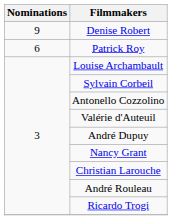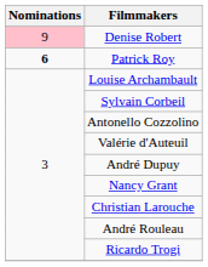 <table class="wikitable" style="text-align:center;">
 <tr>
 <th scope="col" width="17">Nominations</th>
 <th scope="col" align="center">Filmmakers</th>
 </tr>
 <tr>
-<td rowspan="1" style="text-align:center;">9</td>
+<td rowspan="1" style="background: pink; text-align:center;">9</td>
 <td><a href='#'>Denise Robert</a></td>
 </tr>
 <tr>
-<td rowspan="1" style="text-align:center;">6</td>
+<td rowspan="1" style="text-align:center;"><strong>6</strong></td>
 <td><a href='#'>Patrick Roy</a></td>
 </tr>
 <tr>
 <td rowspan="9" style="text-align:center;">3</td>
 <td><a href='#'>Louise Archambault</a></td>
 </tr>
 <tr>
 <td><a href='#'>Sylvain Corbeil</a></td>
 </tr>
 <tr>
 <td>Antonello Cozzolino</td>
 </tr>
 <tr>
 <td>Valérie d'Auteuil</td>
 </tr>
 <tr>
 <td>André Dupuy</td>
 </tr>
 <tr>
 <td><a href='#'>Nancy Grant</a></td>
 </tr>
 <tr>
 <td><a href='#'>Christian Larouche</a></td>
 </tr>
 <tr>
 <td>André Rouleau</td>
 </tr>
 <tr>
 <td><a href='#'>Ricardo Trogi</a></td>
 </tr>
 <tr>
 </tr>
 </table>
